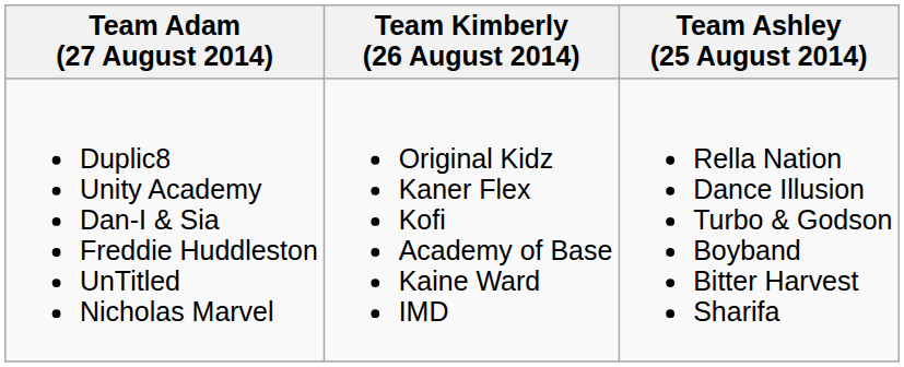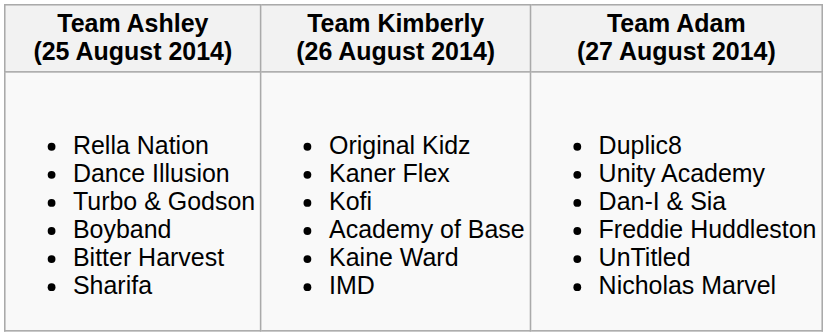 <table class="wikitable">
 <tr>
+<th>Team Ashley<br>(25 August 2014)</th>
+<th>Team Kimberly<br>(26 August 2014)</th>
 <th>Team Adam<br>(27 August 2014)</th>
-<th>Team Kimberly<br>(26 August 2014)</th>
-<th>Team Ashley<br>(25 August 2014)</th>
 </tr>
 <tr>
+<td><br><ul><li>Rella Nation</li><li>Dance Illusion</li><li>Turbo & Godson</li><li>Boyband</li><li>Bitter Harvest</li><li>Sharifa</li></ul></td>
+<td><br><ul><li>Original Kidz</li><li>Kaner Flex</li><li>Kofi</li><li>Academy of Base</li><li>Kaine Ward</li><li>IMD</li></ul></td>
 <td><br><ul><li>Duplic8</li><li>Unity Academy</li><li>Dan-I & Sia</li><li>Freddie Huddleston</li><li>UnTitled</li><li>Nicholas Marvel</li></ul></td>
-<td><br><ul><li>Original Kidz</li><li>Kaner Flex</li><li>Kofi</li><li>Academy of Base</li><li>Kaine Ward</li><li>IMD</li></ul></td>
-<td><br><ul><li>Rella Nation</li><li>Dance Illusion</li><li>Turbo & Godson</li><li>Boyband</li><li>Bitter Harvest</li><li>Sharifa</li></ul></td>
 </tr>
 </table>
